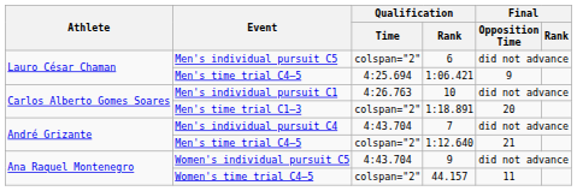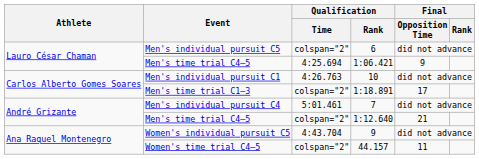 <table class=wikitable style="font-size:90%">
 <tr>
 <th rowspan="2">Athlete</th>
 <th rowspan="2">Event</th>
 <th colspan="2">Qualification</th>
 <th colspan="2">Final</th>
 </tr>
 <tr>
 <th>Time</th>
 <th>Rank</th>
 <th>Opposition<br>Time</th>
 <th>Rank</th>
 </tr>
 <tr>
 <td rowspan="2"><a href='#'>Lauro César Chaman</a></td>
 <td><a href='#'>Men's individual pursuit C5</a></td>
 <td>colspan="2" </td>
 <td align="center">6</td>
 <td colspan=2>did not advance</td>
 </tr>
 <tr>
 <td><a href='#'>Men's time trial C4–5</a></td>
 <td align="center">4:25.694</td>
 <td align="center">1:06.421</td>
 <td align="center">9</td>
 </tr>
 <tr>
 <td rowspan="2"><a href='#'>Carlos Alberto Gomes Soares</a></td>
 <td><a href='#'>Men's individual pursuit C1</a></td>
 <td align="center">4:26.763</td>
 <td align="center">10</td>
 <td colspan=2>did not advance</td>
 </tr>
 <tr>
 <td><a href='#'>Men's time trial C1–3</a></td>
 <td>colspan="2" </td>
 <td align="center">1:18.891</td>
-<td align="center">20</td>
+<td align="center">17</td>
 </tr>
 <tr>
 <td rowspan="2"><a href='#'>André Grizante</a></td>
 <td><a href='#'>Men's individual pursuit C4</a></td>
-<td align="center">4:43.704</td>
+<td align="center">5:01.461</td>
 <td align="center">7</td>
 <td colspan=2>did not advance</td>
 </tr>
 <tr>
 <td><a href='#'>Men's time trial C4–5</a></td>
 <td>colspan="2" </td>
 <td align="center">1:12.640</td>
 <td align="center">21</td>
 </tr>
 <tr>
 <td rowspan="2"><a href='#'>Ana Raquel Montenegro</a></td>
 <td><a href='#'>Women's individual pursuit C5</a></td>
 <td align="center">4:43.704</td>
 <td align="center">9</td>
 <td colspan=2>did not advance</td>
 </tr>
 <tr>
 <td><a href='#'>Women's time trial C4–5</a></td>
 <td>colspan="2" </td>
 <td align="center">44.157</td>
 <td align="center">11</td>
 </tr>
 </table>
